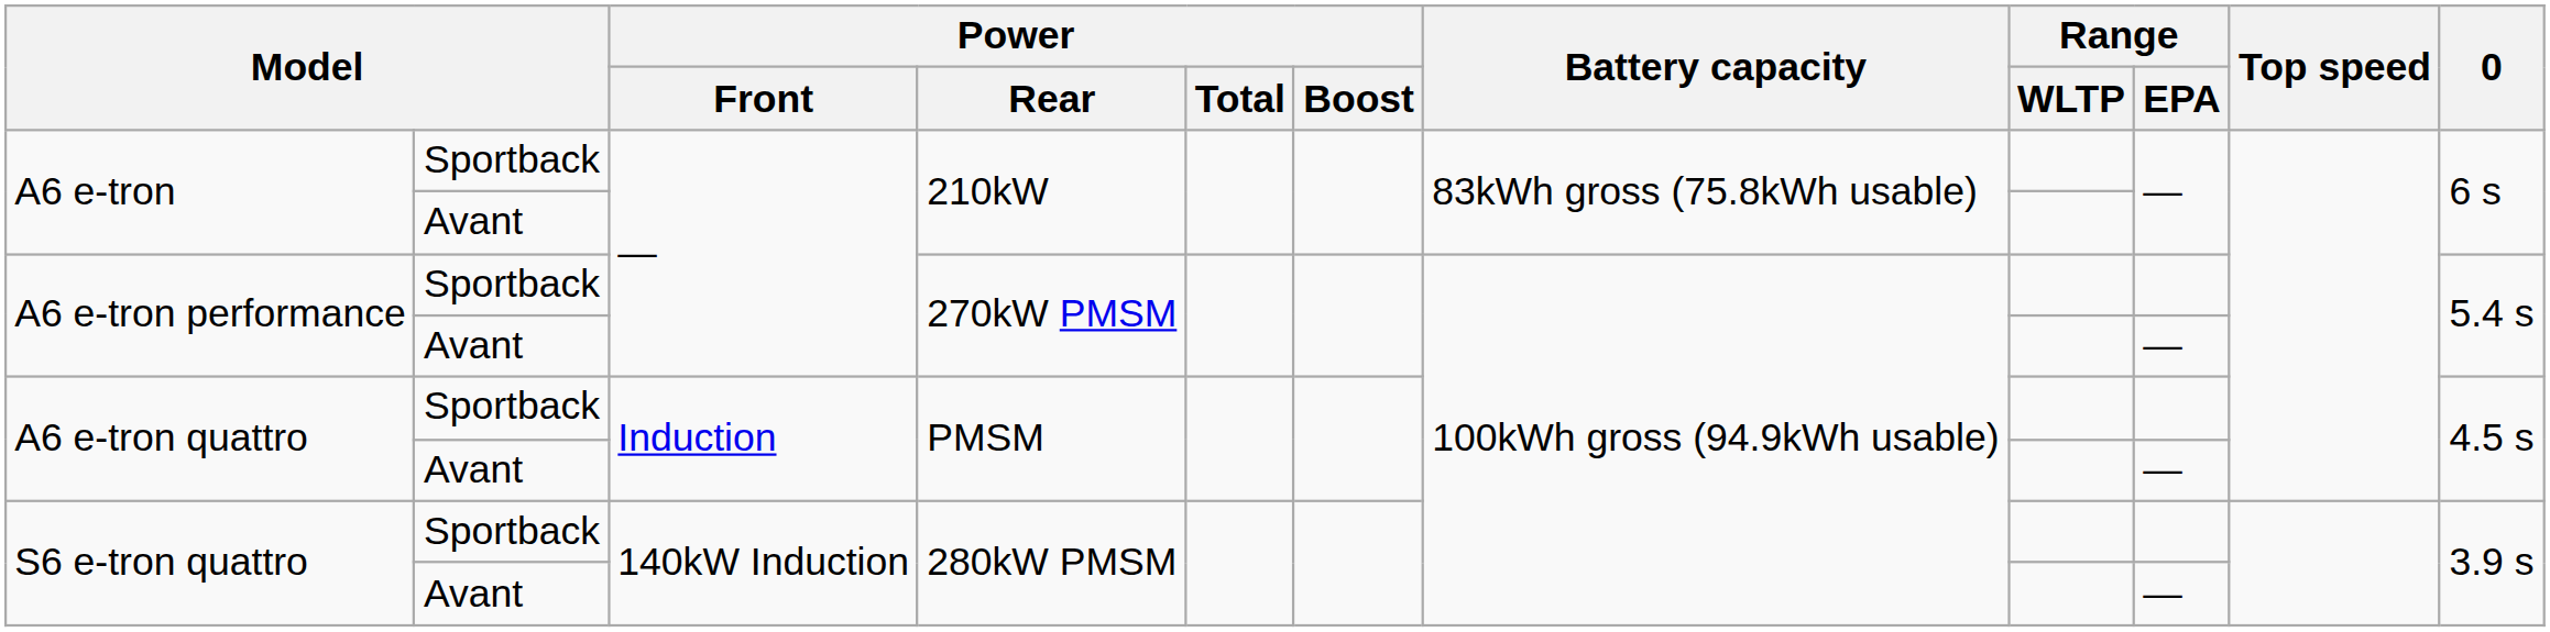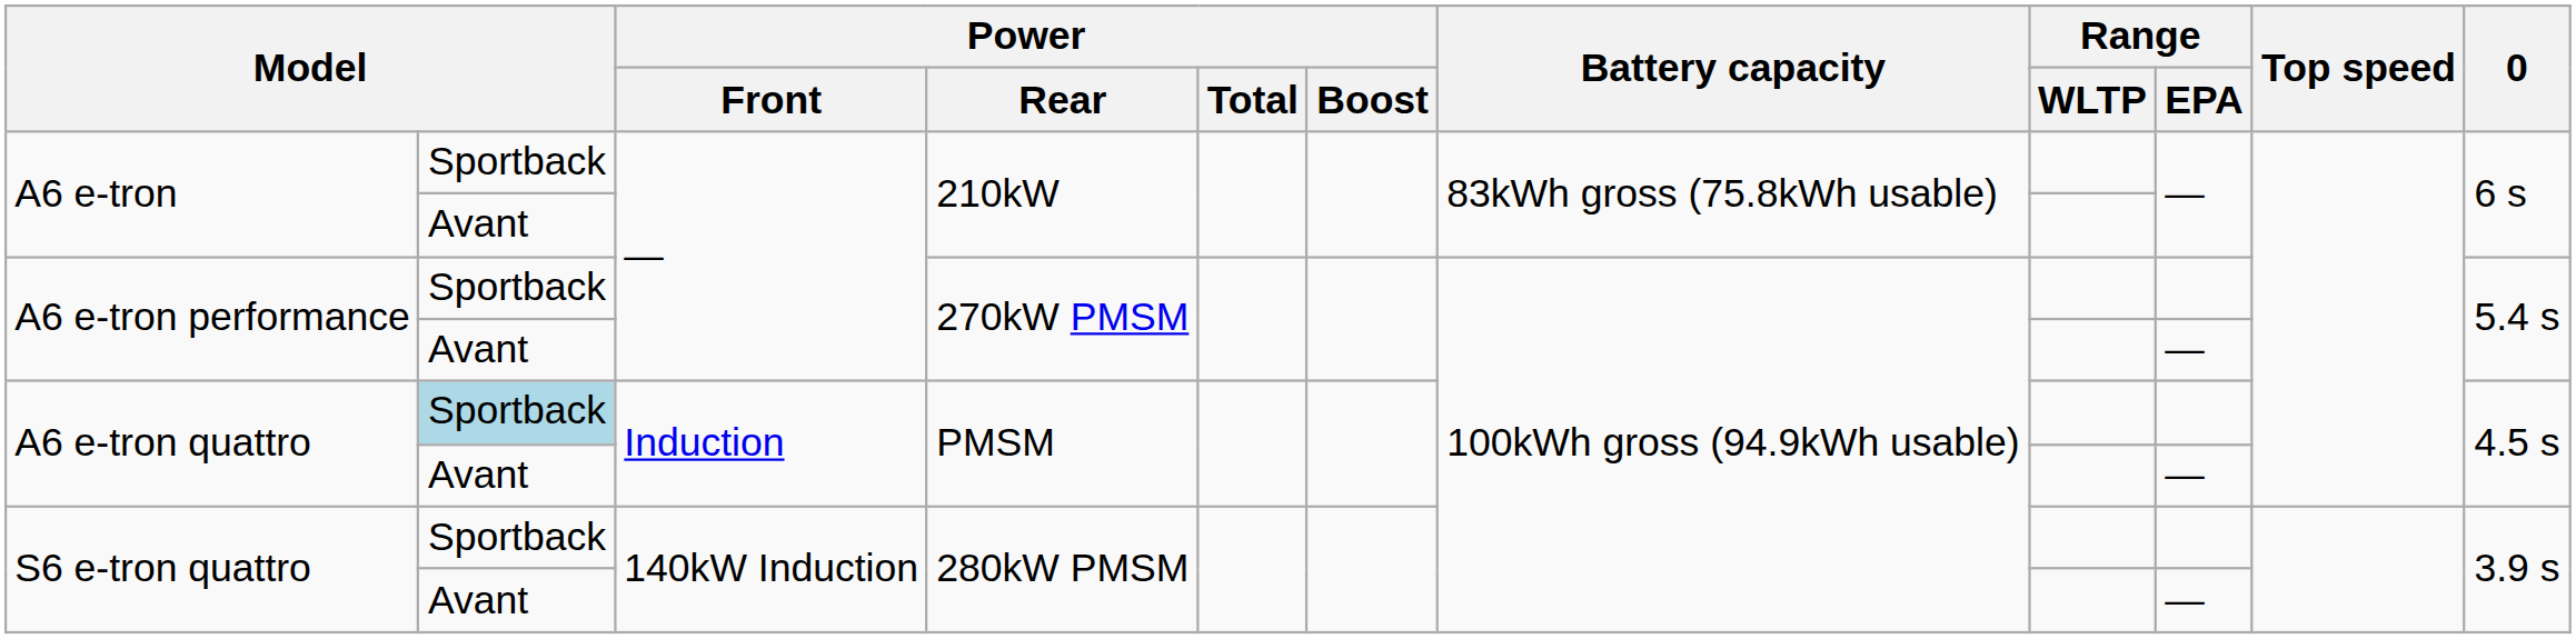 <table class="wikitable">
 <tr>
 <th colspan="2" rowspan="2">Model</th>
 <th colspan="4">Power</th>
 <th rowspan="2">Battery capacity</th>
 <th colspan="2">Range</th>
 <th rowspan="2">Top speed</th>
 <th rowspan="2">0</th>
 </tr>
 <tr>
 <th>Front</th>
 <th>Rear</th>
 <th>Total</th>
 <th>Boost</th>
 <th>WLTP</th>
 <th>EPA</th>
 </tr>
 <tr>
 <td rowspan="2">A6 e-tron</td>
 <td>Sportback</td>
 <td rowspan="4">—</td>
 <td rowspan="2">210kW</td>
 <td rowspan="2"></td>
 <td rowspan="2"></td>
 <td rowspan="2">83kWh gross (75.8kWh usable)</td>
 <td></td>
 <td rowspan="2">—</td>
 <td rowspan="6"></td>
 <td rowspan="2">6 s</td>
 </tr>
 <tr>
 <td>Avant</td>
 <td></td>
 </tr>
 <tr>
 <td rowspan="2">A6 e-tron performance</td>
 <td>Sportback</td>
 <td rowspan="2">270kW <a href='#'>PMSM</a></td>
 <td rowspan="2"></td>
 <td rowspan="2"></td>
 <td rowspan="6">100kWh gross (94.9kWh usable)</td>
 <td></td>
 <td></td>
 <td rowspan="2">5.4 s</td>
 </tr>
 <tr>
 <td>Avant</td>
 <td></td>
 <td>—</td>
 </tr>
 <tr>
 <td rowspan="2">A6 e-tron quattro</td>
-<td>Sportback</td>
+<td style="background: lightblue;">Sportback</td>
 <td rowspan="2"><a href='#'>Induction</a></td>
 <td rowspan="2">PMSM</td>
 <td rowspan="2"></td>
 <td rowspan="2"></td>
 <td></td>
 <td></td>
 <td rowspan="2">4.5 s</td>
 </tr>
 <tr>
 <td>Avant</td>
 <td></td>
 <td>—</td>
 </tr>
 <tr>
 <td rowspan="2">S6 e-tron quattro</td>
 <td>Sportback</td>
 <td rowspan="2">140kW Induction</td>
 <td rowspan="2">280kW PMSM</td>
 <td rowspan="2"></td>
 <td rowspan="2"></td>
 <td></td>
 <td></td>
 <td rowspan="2"></td>
 <td rowspan="2">3.9 s</td>
 </tr>
 <tr>
 <td>Avant</td>
 <td></td>
 <td>—</td>
 </tr>
 </table>
